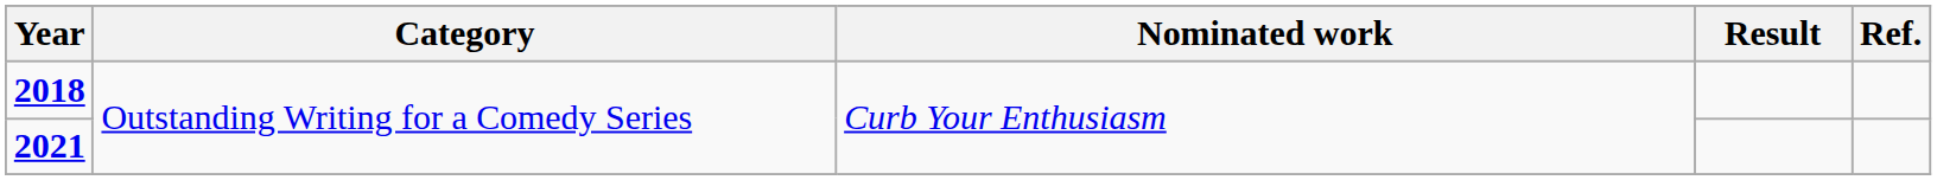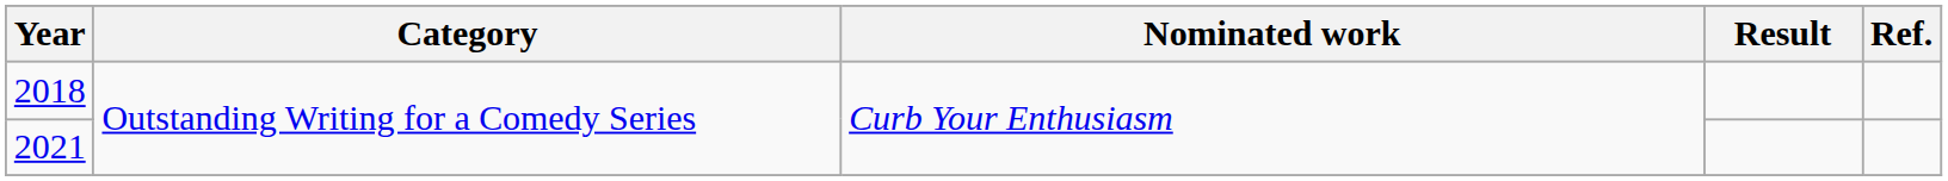 <table class=wikitable>
 <tr>
 <th scope="col" style="width:1em;">Year</th>
 <th scope="col" style="width:33em;">Category</th>
 <th scope="col" style="width:39em;">Nominated work</th>
 <th scope="col" style="width:5em;">Result</th>
 <th scope="col" style="width:1em;">Ref.</th>
 </tr>
 <tr>
-<td><strong><a href='#'>2018</a></strong></td>
+<td><a href='#'>2018</a></td>
 <td rowspan="2"><a href='#'>Outstanding Writing for a Comedy Series</a></td>
 <td rowspan="2"><em><a href='#'>Curb Your Enthusiasm</a></em></td>
 <td></td>
 <td style="text-align:center;"></td>
 </tr>
 <tr>
-<td><strong><a href='#'>2021</a></strong></td>
+<td><a href='#'>2021</a></td>
 <td></td>
 <td style="text-align:center;"></td>
 </tr>
 </table>
